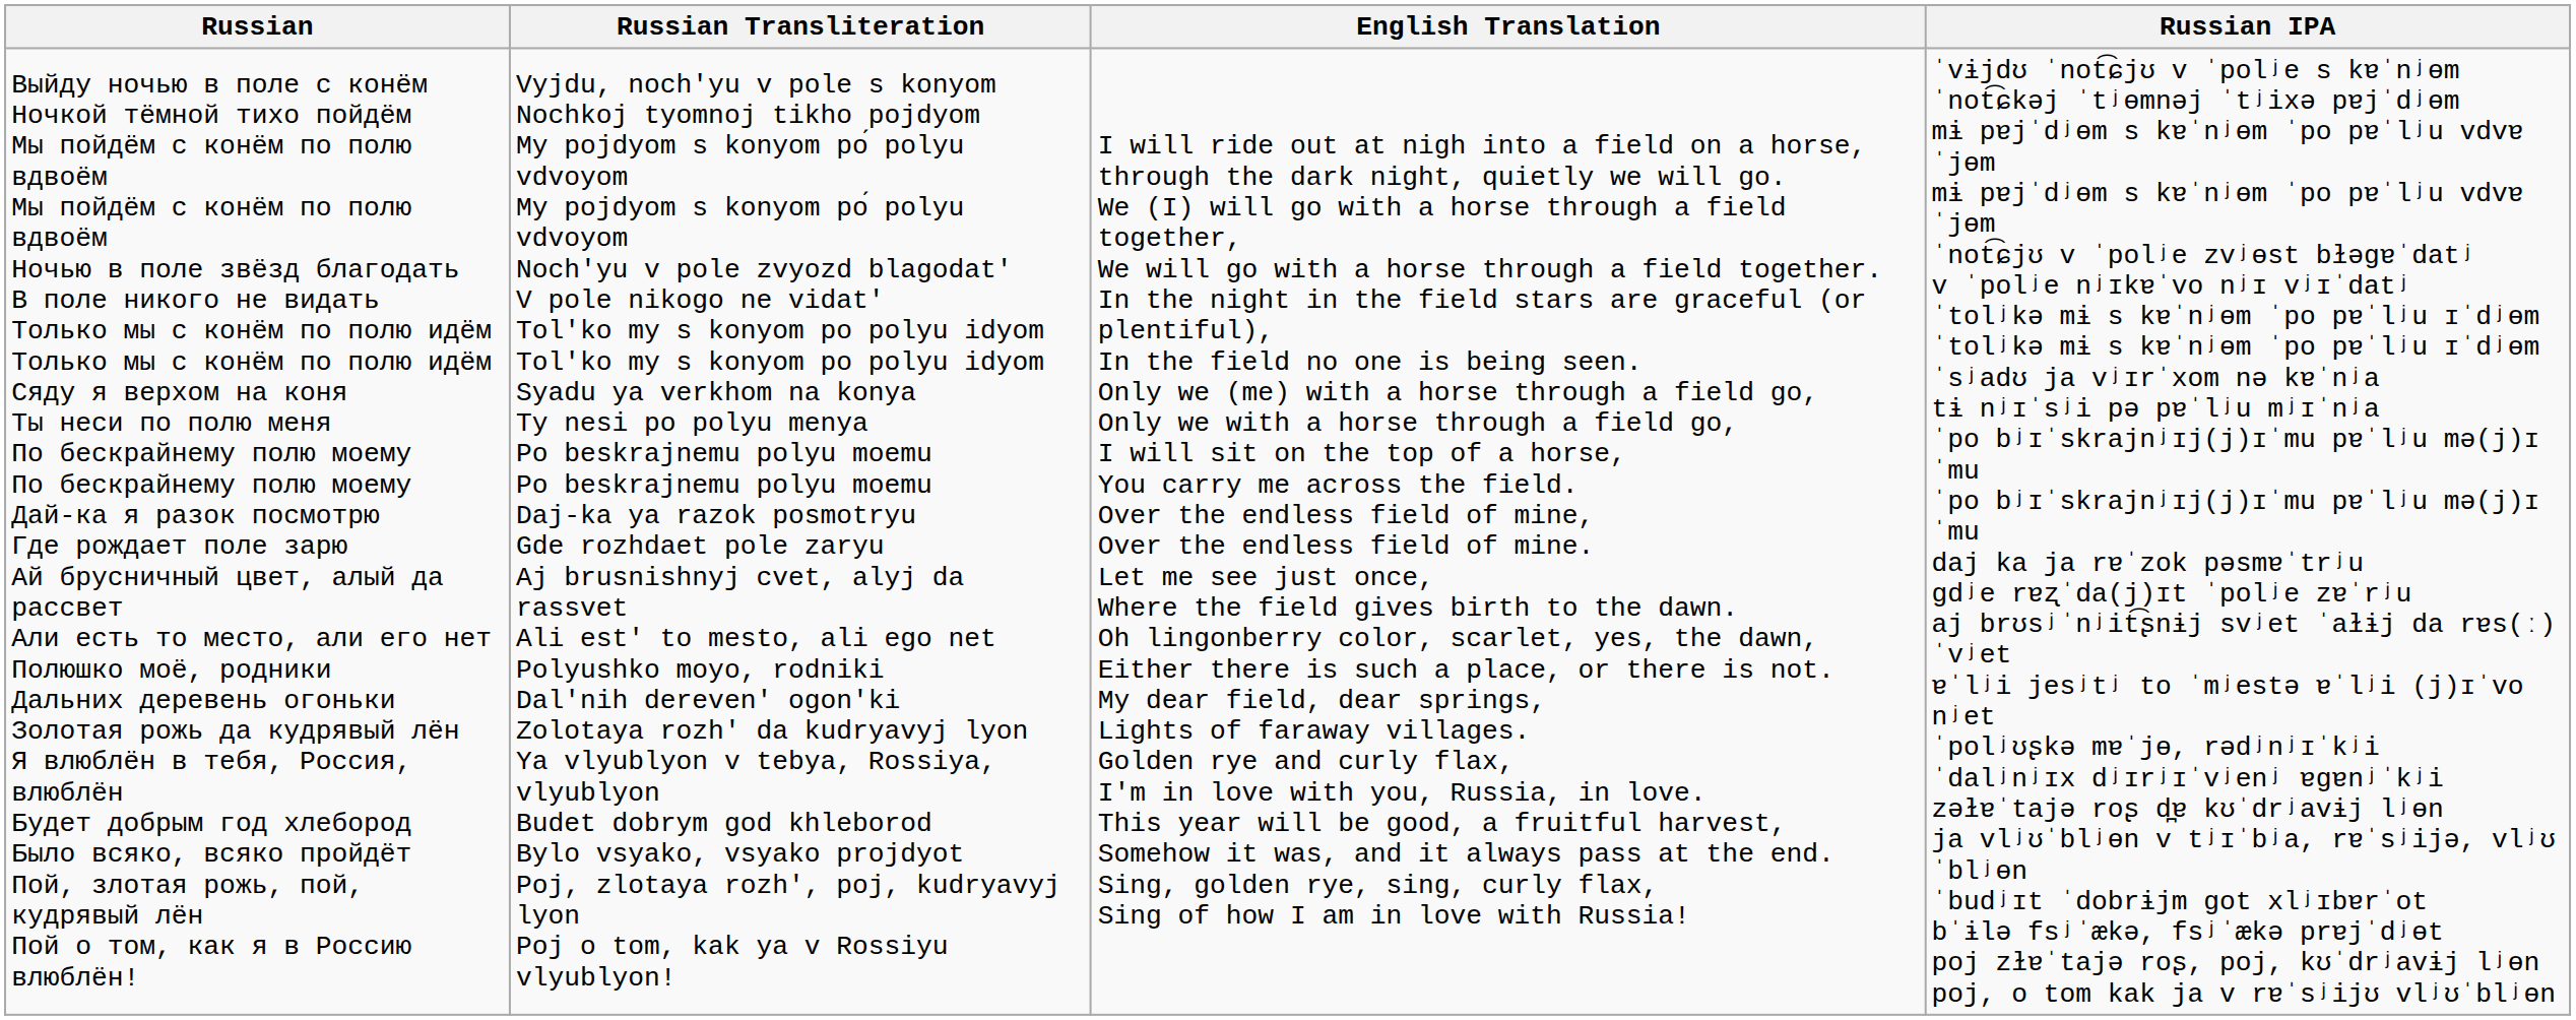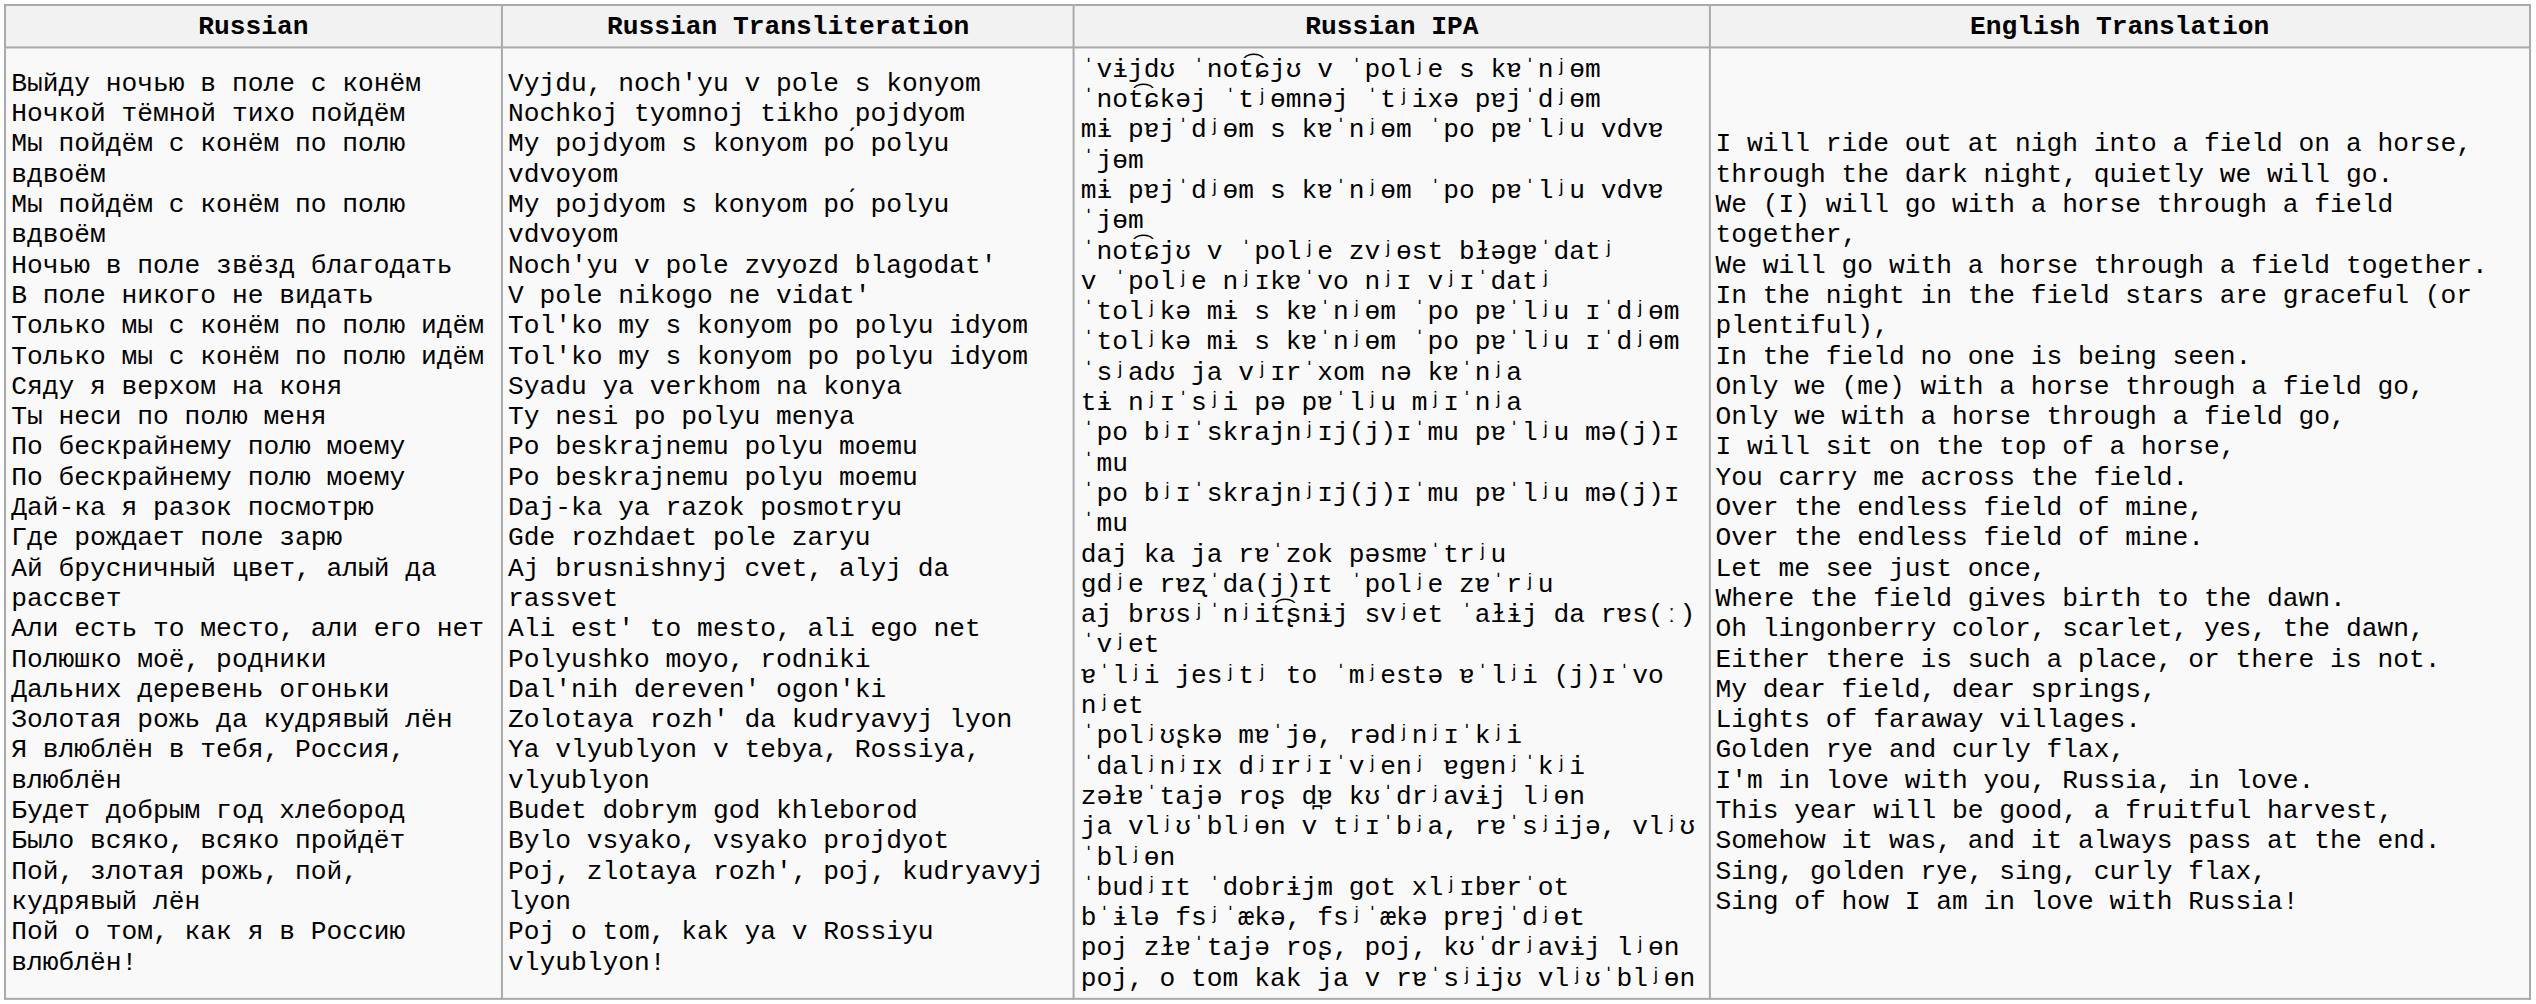 <table class="wikitable">
 <tr>
 <th>Russian</th>
 <th>Russian Transliteration</th>
+<th>Russian IPA</th>
 <th>English Translation</th>
-<th>Russian IPA</th>
 </tr>
 <tr>
 <td>Выйду ночью в поле с конём<br>Ночкой тёмной тихо пойдём<br>Мы пойдём с конём по полю вдвоём<br>Мы пойдём с конём по полю вдвоём<br>Ночью в поле звёзд благодать<br>В поле никого не видать<br>Только мы с конём по полю идём<br>Только мы с конём по пoлю идём<br>Сяду я верхом на коня<br>Ты неси по полю меня<br>По бескрайнему полю моему<br>По бескрайнему полю моему<br>Дай-ка я разок посмотрю<br>Где рождает поле зарю<br>Ай брусничный цвет, алый да рассвет<br>Али есть то место, али его нет<br>Полюшко моё, родники<br>Дальних деревень огоньки<br>Золотая рожь да кудрявый лён<br>Я влюблён в тебя, Россия, влюблён<br>Будет добрым год хлебород<br>Было всяко, всяко пройдёт<br>Пой, злотая рожь, пой, кудрявый лён<br>Пой о том, как я в Россию влюблён!</td>
 <td>Vyjdu, noch'yu v pole s konyom<br>Nochkoj tyomnoj tikho pojdyom<br>My pojdyom s konyom pо́ polyu vdvoyom<br>My pojdyom s konyom pо́ polyu vdvoyom<br>Noch'yu v pole zvyozd blagodat'<br>V pole nikogo ne vidat'<br>Tol'ko my s konyom pо polyu idyom<br>Tol'ko my s konyom pо polyu idyom<br>Syadu ya verkhom na konya<br>Ty nesi po polyu menya<br>Po beskrajnemu polyu moemu<br>Po beskrajnemu polyu moemu<br>Daj-ka ya razok posmotryu<br>Gde rozhdaet pole zaryu<br>Aj brusnishnyj cvet, alyj da rassvet<br>Ali est' to mesto, ali ego net<br>Polyushko moyo, rodniki<br>Dal'nih dereven' ogon'ki<br>Zolotaya rozh' da kudryavyj lyon<br>Ya vlyublyon v tebya, Rossiya, vlyublyon<br>Budet dobrym god khleborod<br>Bylo vsyako, vsyako projdyot<br>Poj, zlotaya rozh', poj, kudryavyj lyon<br>Poj o tom, kak ya v Rossiyu vlyublyon!</td>
+<td>ˈvɨjdʊ ˈnot͡ɕjʊ v ˈpolʲe s kɐˈnʲɵm<br>ˈnot͡ɕkəj ˈtʲɵmnəj ˈtʲixə pɐjˈdʲɵm<br>mɨ pɐjˈdʲɵm s kɐˈnʲɵm ˈpo pɐˈlʲu vdvɐˈjɵm<br>mɨ pɐjˈdʲɵm s kɐˈnʲɵm ˈpo pɐˈlʲu vdvɐˈjɵm<br>ˈnot͡ɕjʊ v ˈpolʲe zvʲɵst bɫəɡɐˈdatʲ<br>v ˈpolʲe nʲɪkɐˈvo nʲɪ vʲɪˈdatʲ<br>ˈtolʲkə mɨ s kɐˈnʲɵm ˈpo pɐˈlʲu ɪˈdʲɵm<br>ˈtolʲkə mɨ s kɐˈnʲɵm ˈpo pɐˈlʲu ɪˈdʲɵm<br>ˈsʲadʊ ja vʲɪrˈxom nə kɐˈnʲa<br>tɨ nʲɪˈsʲi pə pɐˈlʲu mʲɪˈnʲa<br>ˈpo bʲɪˈskrajnʲɪj(j)ɪˈmu pɐˈlʲu mə(j)ɪˈmu<br>ˈpo bʲɪˈskrajnʲɪj(j)ɪˈmu pɐˈlʲu mə(j)ɪˈmu<br>daj ka ja rɐˈzok pəsmɐˈtrʲu<br>ɡdʲe rɐʐˈda(j)ɪt ˈpolʲe zɐˈrʲu<br>aj brʊsʲˈnʲit͡ʂnɨj svʲet ˈaɫɨj da rɐs(ː)ˈvʲet<br>ɐˈlʲi jesʲtʲ to ˈmʲestə ɐˈlʲi (j)ɪˈvo nʲet<br>ˈpolʲʊʂkə mɐˈjɵ, rədʲnʲɪˈkʲi<br>ˈdalʲnʲɪx dʲɪrʲɪˈvʲenʲ ɐɡɐnʲˈkʲi<br>zəɫɐˈtajə roʂ d̪ɐ kʊˈdrʲavɨj lʲɵn<br>ja vlʲʊˈblʲɵn v tʲɪˈbʲa, rɐˈsʲijə, vlʲʊˈblʲɵn<br>ˈbudʲɪt ˈdobrɨjm ɡot xlʲɪbɐrˈot<br>bˈɨlə fsʲˈækə, fsʲˈækə prɐjˈdʲɵt<br>poj zɫɐˈtajə roʂ, poj, kʊˈdrʲavɨj lʲɵn<br>poj, o tom kak ja v rɐˈsʲijʊ vlʲʊˈblʲɵn</td>
 <td>I will ride out at nigh into a field on a horse,<br>through the dark night, quietly we will go.<br>We (I) will go with a horse through a field together,<br>We will go with a horse through a field together.<br>In the night in the field stars are graceful (or plentiful),<br>In the field no one is being seen.<br>Only we (me) with a horse through a field go,<br>Only we with a horse through a field go,<br>I will sit on the top of a horse,<br>You carry me across the field.<br>Over the endless field of mine,<br>Over the endless field of mine.<br>Let me see just once,<br>Where the field gives birth to the dawn.<br>Oh lingonberry color, scarlet, yes, the dawn,<br>Either there is such a place, or there is not.<br>My dear field, dear springs,<br>Lights of faraway villages.<br>Golden rye and curly flax,<br>I'm in love with you, Russia, in love.<br>This year will be good, a fruitful harvest,<br>Somehow it was, and it always pass at the end.<br>Sing, golden rye, sing, curly flax,<br>Sing of how I am in love with Russia!</td>
-<td>ˈvɨjdʊ ˈnot͡ɕjʊ v ˈpolʲe s kɐˈnʲɵm<br>ˈnot͡ɕkəj ˈtʲɵmnəj ˈtʲixə pɐjˈdʲɵm<br>mɨ pɐjˈdʲɵm s kɐˈnʲɵm ˈpo pɐˈlʲu vdvɐˈjɵm<br>mɨ pɐjˈdʲɵm s kɐˈnʲɵm ˈpo pɐˈlʲu vdvɐˈjɵm<br>ˈnot͡ɕjʊ v ˈpolʲe zvʲɵst bɫəɡɐˈdatʲ<br>v ˈpolʲe nʲɪkɐˈvo nʲɪ vʲɪˈdatʲ<br>ˈtolʲkə mɨ s kɐˈnʲɵm ˈpo pɐˈlʲu ɪˈdʲɵm<br>ˈtolʲkə mɨ s kɐˈnʲɵm ˈpo pɐˈlʲu ɪˈdʲɵm<br>ˈsʲadʊ ja vʲɪrˈxom nə kɐˈnʲa<br>tɨ nʲɪˈsʲi pə pɐˈlʲu mʲɪˈnʲa<br>ˈpo bʲɪˈskrajnʲɪj(j)ɪˈmu pɐˈlʲu mə(j)ɪˈmu<br>ˈpo bʲɪˈskrajnʲɪj(j)ɪˈmu pɐˈlʲu mə(j)ɪˈmu<br>daj ka ja rɐˈzok pəsmɐˈtrʲu<br>ɡdʲe rɐʐˈda(j)ɪt ˈpolʲe zɐˈrʲu<br>aj brʊsʲˈnʲit͡ʂnɨj svʲet ˈaɫɨj da rɐs(ː)ˈvʲet<br>ɐˈlʲi jesʲtʲ to ˈmʲestə ɐˈlʲi (j)ɪˈvo nʲet<br>ˈpolʲʊʂkə mɐˈjɵ, rədʲnʲɪˈkʲi<br>ˈdalʲnʲɪx dʲɪrʲɪˈvʲenʲ ɐɡɐnʲˈkʲi<br>zəɫɐˈtajə roʂ d̪ɐ kʊˈdrʲavɨj lʲɵn<br>ja vlʲʊˈblʲɵn v tʲɪˈbʲa, rɐˈsʲijə, vlʲʊˈblʲɵn<br>ˈbudʲɪt ˈdobrɨjm ɡot xlʲɪbɐrˈot<br>bˈɨlə fsʲˈækə, fsʲˈækə prɐjˈdʲɵt<br>poj zɫɐˈtajə roʂ, poj, kʊˈdrʲavɨj lʲɵn<br>poj, o tom kak ja v rɐˈsʲijʊ vlʲʊˈblʲɵn</td>
 </tr>
 </table>
